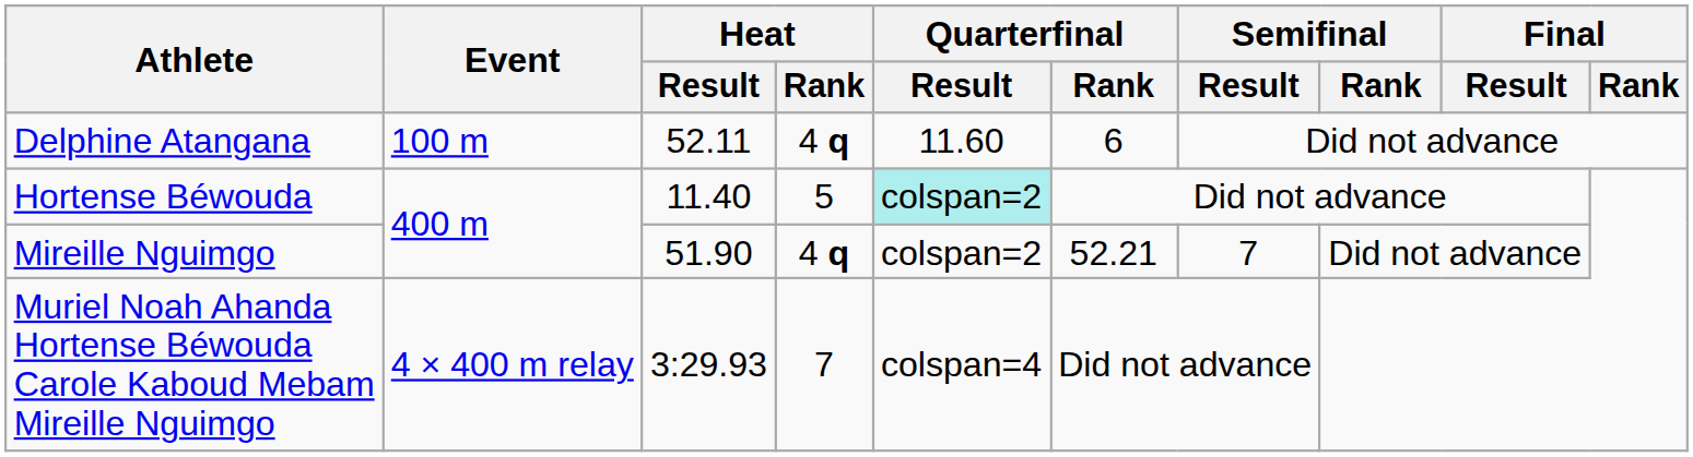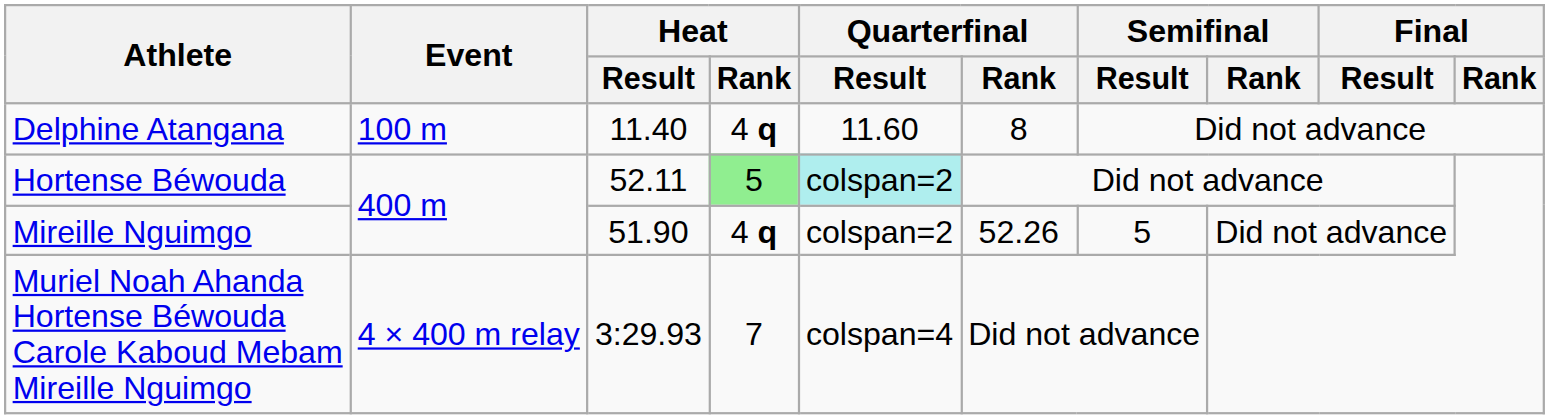 <table class=wikitable style="font-size:90%">
 <tr>
 <th rowspan="2">Athlete</th>
 <th rowspan="2">Event</th>
 <th colspan="2">Heat</th>
 <th colspan="2">Quarterfinal</th>
 <th colspan="2">Semifinal</th>
 <th colspan="2">Final</th>
 </tr>
 <tr style="font-size:95%">
 <th>Result</th>
 <th>Rank</th>
 <th>Result</th>
 <th>Rank</th>
 <th>Result</th>
 <th>Rank</th>
 <th>Result</th>
 <th>Rank</th>
 </tr>
 <tr align=center>
 <td align=left><a href='#'>Delphine Atangana</a></td>
 <td align=left><a href='#'>100 m</a></td>
-<td>52.11</td>
+<td>11.40</td>
 <td>4 <strong>q</strong></td>
 <td>11.60</td>
-<td>6</td>
+<td>8</td>
 <td colspan=4>Did not advance</td>
 </tr>
 <tr align=center>
 <td align=left><a href='#'>Hortense Béwouda</a></td>
 <td align=left rowspan=2><a href='#'>400 m</a></td>
-<td>11.40</td>
-<td>5</td>
+<td>52.11</td>
+<td style="background: lightgreen;">5</td>
 <td style="background: paleturquoise;">colspan=2 </td>
 <td colspan=4>Did not advance</td>
 </tr>
 <tr align=center>
 <td align=left><a href='#'>Mireille Nguimgo</a></td>
 <td>51.90</td>
 <td>4 <strong>q</strong></td>
 <td>colspan=2 </td>
-<td>52.21</td>
-<td>7</td>
+<td>52.26</td>
+<td>5</td>
 <td colspan=2>Did not advance</td>
 </tr>
 <tr align=center>
 <td align=left><a href='#'>Muriel Noah Ahanda</a><br><a href='#'>Hortense Béwouda</a><br><a href='#'>Carole Kaboud Mebam</a><br><a href='#'>Mireille Nguimgo</a></td>
 <td align=left><a href='#'>4 × 400 m relay</a></td>
 <td>3:29.93</td>
 <td>7</td>
 <td>colspan=4 </td>
 <td colspan=2>Did not advance</td>
 </tr>
 </table>
